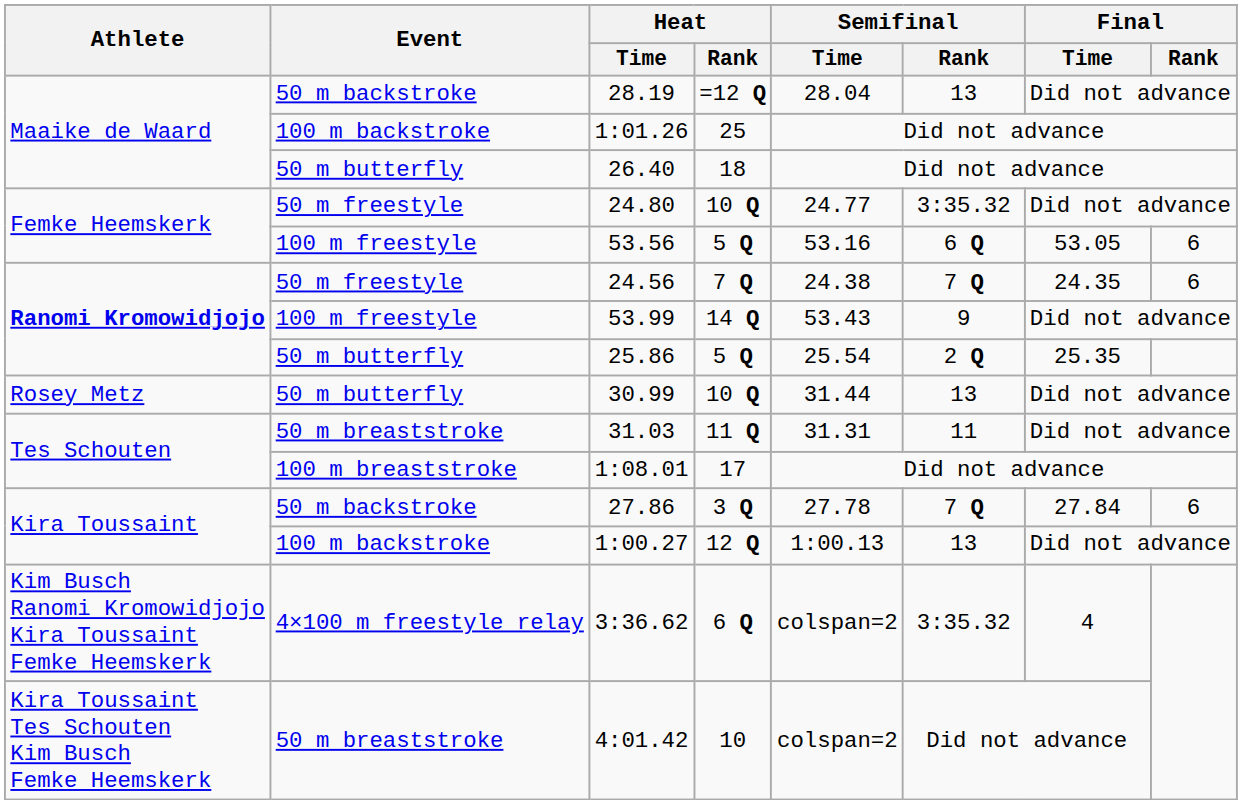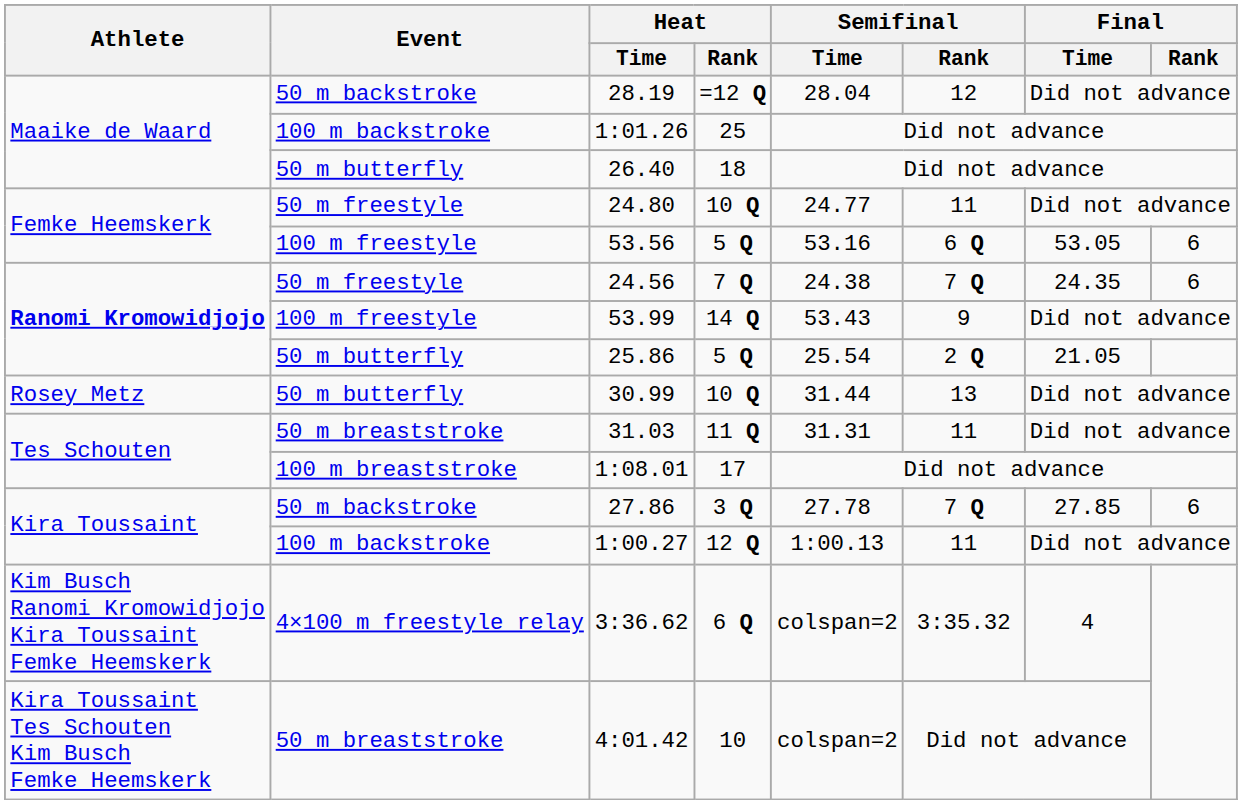 <table class="wikitable" style="text-align:center; font-size:90%">
 <tr>
 <th rowspan="2">Athlete</th>
 <th rowspan="2">Event</th>
 <th colspan="2">Heat</th>
 <th colspan="2">Semifinal</th>
 <th colspan="2">Final</th>
 </tr>
 <tr style="font-size:95%">
 <th>Time</th>
 <th>Rank</th>
 <th>Time</th>
 <th>Rank</th>
 <th>Time</th>
 <th>Rank</th>
 </tr>
 <tr>
 <td align=left rowspan=3><a href='#'>Maaike de Waard</a></td>
 <td align=left><a href='#'>50 m backstroke</a></td>
 <td>28.19</td>
 <td>=12 <strong>Q</strong></td>
 <td>28.04</td>
-<td>13</td>
+<td>12</td>
 <td colspan=2>Did not advance</td>
 </tr>
 <tr>
 <td align=left><a href='#'>100 m backstroke</a></td>
 <td>1:01.26</td>
 <td>25</td>
 <td colspan=4>Did not advance</td>
 </tr>
 <tr>
 <td align=left><a href='#'>50 m butterfly</a></td>
 <td>26.40</td>
 <td>18</td>
 <td colspan=4>Did not advance</td>
 </tr>
 <tr>
 <td align=left rowspan=2><a href='#'>Femke Heemskerk</a></td>
 <td align=left><a href='#'>50 m freestyle</a></td>
 <td>24.80</td>
 <td>10 <strong>Q</strong></td>
 <td>24.77</td>
-<td>3:35.32</td>
+<td>11</td>
 <td colspan=2>Did not advance</td>
 </tr>
 <tr>
 <td align=left><a href='#'>100 m freestyle</a></td>
 <td>53.56</td>
 <td>5 <strong>Q</strong></td>
 <td>53.16</td>
 <td>6 <strong>Q</strong></td>
 <td>53.05</td>
 <td>6</td>
 </tr>
 <tr>
 <td align=left rowspan=3><strong><a href='#'>Ranomi Kromowidjojo</a></strong></td>
 <td align=left><a href='#'>50 m freestyle</a></td>
 <td>24.56</td>
 <td>7 <strong>Q</strong></td>
 <td>24.38</td>
 <td>7 <strong>Q</strong></td>
 <td>24.35</td>
 <td>6</td>
 </tr>
 <tr>
 <td align=left><a href='#'>100 m freestyle</a></td>
 <td>53.99</td>
 <td>14 <strong>Q</strong></td>
 <td>53.43</td>
 <td>9</td>
 <td colspan=2>Did not advance</td>
 </tr>
 <tr>
 <td align=left><a href='#'>50 m butterfly</a></td>
 <td>25.86</td>
 <td>5 <strong>Q</strong></td>
 <td>25.54</td>
 <td>2 <strong>Q</strong></td>
-<td>25.35</td>
+<td>21.05</td>
 <td></td>
 </tr>
 <tr>
 <td align=left><a href='#'>Rosey Metz</a></td>
 <td align=left><a href='#'>50 m butterfly</a></td>
 <td>30.99</td>
 <td>10 <strong>Q</strong></td>
 <td>31.44</td>
 <td>13</td>
 <td colspan=2>Did not advance</td>
 </tr>
 <tr>
 <td align=left rowspan=2><a href='#'>Tes Schouten</a></td>
 <td align=left><a href='#'>50 m breaststroke</a></td>
 <td>31.03</td>
 <td>11 <strong>Q</strong></td>
 <td>31.31</td>
 <td>11</td>
 <td colspan=2>Did not advance</td>
 </tr>
 <tr>
 <td align=left><a href='#'>100 m breaststroke</a></td>
 <td>1:08.01</td>
 <td>17</td>
 <td colspan=4>Did not advance</td>
 </tr>
 <tr>
 <td align=left rowspan=2><a href='#'>Kira Toussaint</a></td>
 <td align=left><a href='#'>50 m backstroke</a></td>
 <td>27.86</td>
 <td>3 <strong>Q</strong></td>
 <td>27.78</td>
 <td>7 <strong>Q</strong></td>
-<td>27.84</td>
+<td>27.85</td>
 <td>6</td>
 </tr>
 <tr>
 <td align=left><a href='#'>100 m backstroke</a></td>
 <td>1:00.27</td>
 <td>12 <strong>Q</strong></td>
 <td>1:00.13</td>
-<td>13</td>
+<td>11</td>
 <td colspan=2>Did not advance</td>
 </tr>
 <tr>
 <td align=left><a href='#'>Kim Busch</a><br><a href='#'>Ranomi Kromowidjojo</a><br><a href='#'>Kira Toussaint</a><br><a href='#'>Femke Heemskerk</a></td>
 <td align=left><a href='#'>4×100 m freestyle relay</a></td>
 <td>3:36.62</td>
 <td>6 <strong>Q</strong></td>
 <td>colspan=2 </td>
 <td>3:35.32</td>
 <td>4</td>
 </tr>
 <tr>
 <td align=left><a href='#'>Kira Toussaint</a><br><a href='#'>Tes Schouten</a><br><a href='#'>Kim Busch</a><br><a href='#'>Femke Heemskerk</a></td>
 <td align=left><a href='#'>50 m breaststroke</a></td>
 <td>4:01.42</td>
 <td>10</td>
 <td>colspan=2 </td>
 <td colspan=2>Did not advance</td>
 </tr>
 </table>
